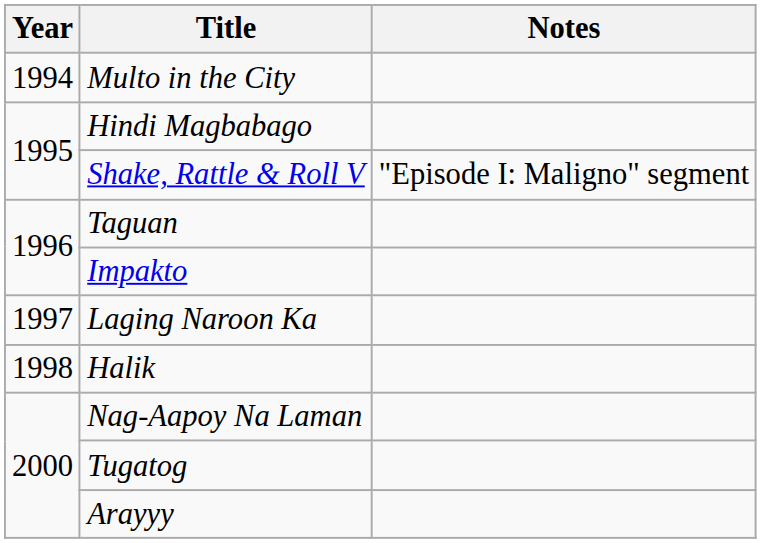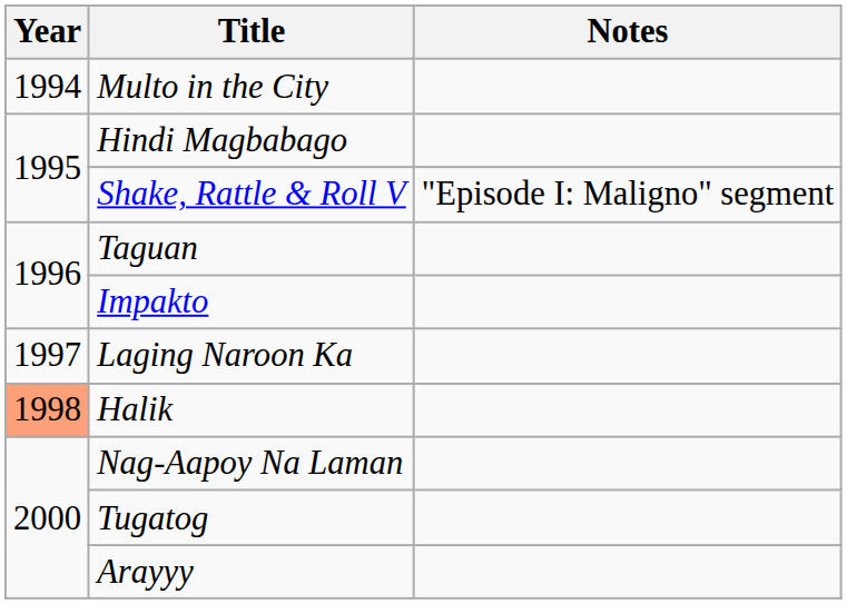 <table class="wikitable">
 <tr>
 <th>Year</th>
 <th>Title</th>
 <th>Notes</th>
 </tr>
 <tr>
 <td>1994</td>
 <td><em>Multo in the City</em></td>
 <td></td>
 </tr>
 <tr>
 <td rowspan="2">1995</td>
 <td><em>Hindi Magbabago</em></td>
 <td></td>
 </tr>
 <tr>
 <td><em><a href='#'>Shake, Rattle & Roll V</a></em></td>
 <td>"Episode I: Maligno" segment</td>
 </tr>
 <tr>
 <td rowspan="2">1996</td>
 <td><em>Taguan</em></td>
 <td></td>
 </tr>
 <tr>
 <td><em><a href='#'>Impakto</a></em></td>
 <td></td>
 </tr>
 <tr>
 <td>1997</td>
 <td><em>Laging Naroon Ka</em></td>
 <td></td>
 </tr>
 <tr>
-<td>1998</td>
+<td style="background: lightsalmon;">1998</td>
 <td><em>Halik</em></td>
 <td></td>
 </tr>
 <tr>
 <td rowspan="3">2000</td>
 <td><em>Nag-Aapoy Na Laman</em></td>
 <td></td>
 </tr>
 <tr>
 <td><em>Tugatog</em></td>
 <td></td>
 </tr>
 <tr>
 <td><em>Arayyy</em></td>
 <td></td>
 </tr>
 </table>
